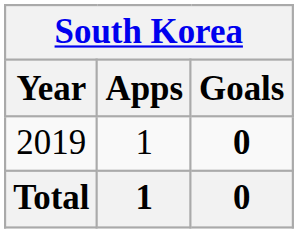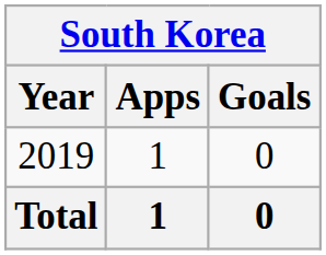 <table class="wikitable" style="text-align:center">
 <tr>
 <th colspan=3><a href='#'>South Korea</a></th>
 </tr>
 <tr>
 <th>Year</th>
 <th>Apps</th>
 <th>Goals</th>
 </tr>
 <tr>
 <td>2019</td>
 <td>1</td>
-<td><strong>0</strong></td>
+<td>0</td>
 </tr>
 <tr>
 <th>Total</th>
 <th>1</th>
 <th>0</th>
 </tr>
 </table>
